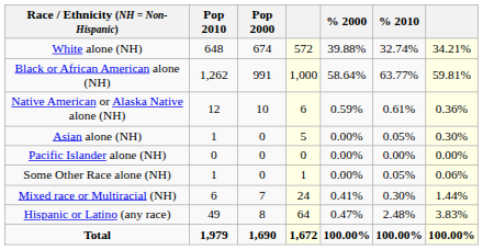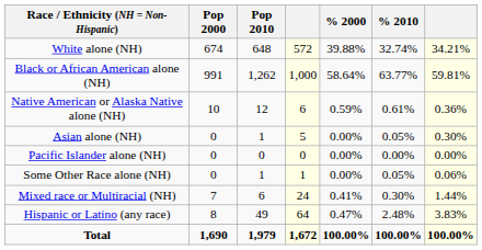 <table class="wikitable" style="text-align:center;">
 <tr>
 <th>Race / Ethnicity <small>(<em>NH = Non-Hispanic</em>)</small></th>
+<th>Pop 2000</th>
 <th>Pop 2010</th>
-<th>Pop 2000</th>
 <th></th>
 <th>% 2000</th>
 <th>% 2010</th>
 <th></th>
 </tr>
 <tr>
 <td><a href='#'>White</a> alone (NH)</td>
+<td>674</td>
 <td>648</td>
-<td>674</td>
 <td style='background: #ffffe6;'>572</td>
 <td>39.88%</td>
 <td>32.74%</td>
 <td style='background: #ffffe6;'>34.21%</td>
 </tr>
 <tr>
 <td><a href='#'>Black or African American</a> alone (NH)</td>
+<td>991</td>
 <td>1,262</td>
-<td>991</td>
 <td style='background: #ffffe6;'>1,000</td>
 <td>58.64%</td>
 <td>63.77%</td>
 <td style='background: #ffffe6;'>59.81%</td>
 </tr>
 <tr>
 <td><a href='#'>Native American</a> or <a href='#'>Alaska Native</a> alone (NH)</td>
+<td>10</td>
 <td>12</td>
-<td>10</td>
 <td style='background: #ffffe6;'>6</td>
 <td>0.59%</td>
 <td>0.61%</td>
 <td style='background: #ffffe6;'>0.36%</td>
 </tr>
 <tr>
 <td><a href='#'>Asian</a> alone (NH)</td>
+<td>0</td>
 <td>1</td>
-<td>0</td>
 <td style='background: #ffffe6;'>5</td>
 <td>0.00%</td>
 <td>0.05%</td>
 <td style='background: #ffffe6;'>0.30%</td>
 </tr>
 <tr>
 <td><a href='#'>Pacific Islander</a> alone (NH)</td>
 <td>0</td>
 <td>0</td>
 <td style='background: #ffffe6;'>0</td>
 <td>0.00%</td>
 <td>0.00%</td>
 <td style='background: #ffffe6;'>0.00%</td>
 </tr>
 <tr>
 <td>Some Other Race alone (NH)</td>
+<td>0</td>
 <td>1</td>
-<td>0</td>
 <td style='background: #ffffe6;'>1</td>
 <td>0.00%</td>
 <td>0.05%</td>
 <td style='background: #ffffe6;'>0.06%</td>
 </tr>
 <tr>
 <td><a href='#'>Mixed race or Multiracial</a> (NH)</td>
+<td>7</td>
 <td>6</td>
-<td>7</td>
 <td style='background: #ffffe6;'>24</td>
 <td>0.41%</td>
 <td>0.30%</td>
 <td style='background: #ffffe6;'>1.44%</td>
 </tr>
 <tr>
 <td><a href='#'>Hispanic or Latino</a> (any race)</td>
+<td>8</td>
 <td>49</td>
-<td>8</td>
 <td style='background: #ffffe6;'>64</td>
 <td>0.47%</td>
 <td>2.48%</td>
 <td style='background: #ffffe6;'>3.83%</td>
 </tr>
 <tr>
 <td><strong>Total</strong></td>
+<td><strong>1,690</strong></td>
 <td><strong>1,979</strong></td>
-<td><strong>1,690</strong></td>
 <td style='background: #ffffe6;'><strong>1,672</strong></td>
 <td><strong>100.00%</strong></td>
 <td><strong>100.00%</strong></td>
 <td style='background: #ffffe6;'><strong>100.00%</strong></td>
 </tr>
 </table>
